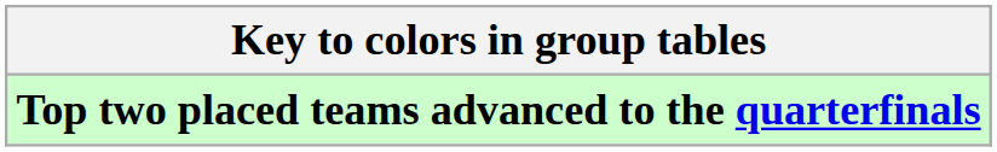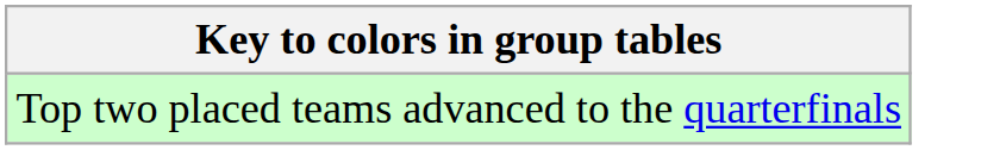 <table class="wikitable">
 <tr>
 <th>Key to colors in group tables</th>
 </tr>
 <tr bgcolor=ccffcc>
-<td><strong>Top two placed teams advanced to the <a href='#'>quarterfinals</a></strong></td>
+<td>Top two placed teams advanced to the <a href='#'>quarterfinals</a></td>
 </tr>
 </table>
